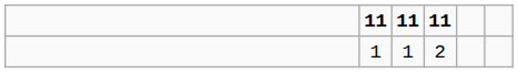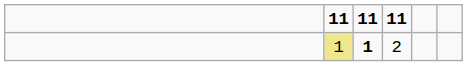 <table class="wikitable">
 <tr>
 <td style="width:18em"><strong></strong></td>
 <td align=center style="width:1em"><strong>11</strong></td>
 <td align=center style="width:1em"><strong>11</strong></td>
 <td align=center style="width:1em"><strong>11</strong></td>
 <td align=center style="width:1em"></td>
 <td align=center style="width:1em"></td>
 </tr>
 <tr>
 <td style="width:18em"></td>
-<td align=center style="width:1em">1</td>
-<td align=center style="width:1em">1</td>
+<td align=center style="background: khaki; width:1em">1</td>
+<td align=center style="width:1em"><strong>1</strong></td>
 <td align=center style="width:1em">2</td>
 <td align=center style="width:1em"></td>
 <td align=center style="width:1em"></td>
 </tr>
 </table>
